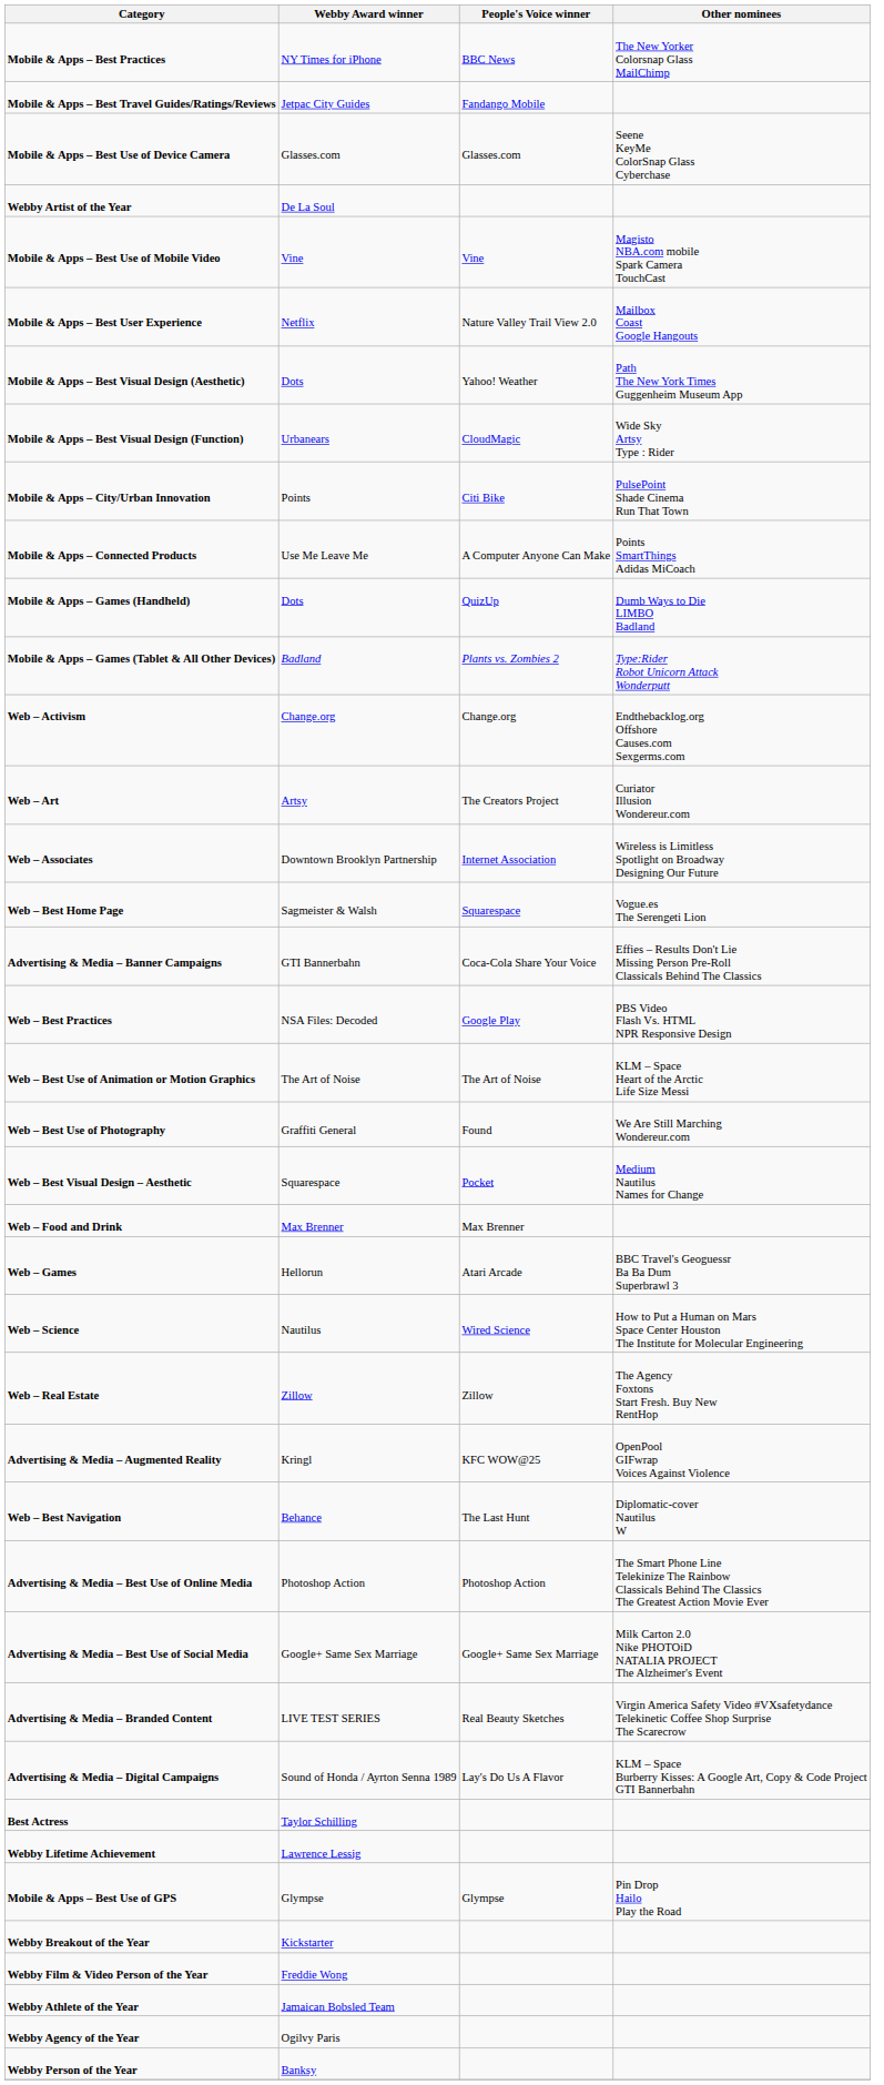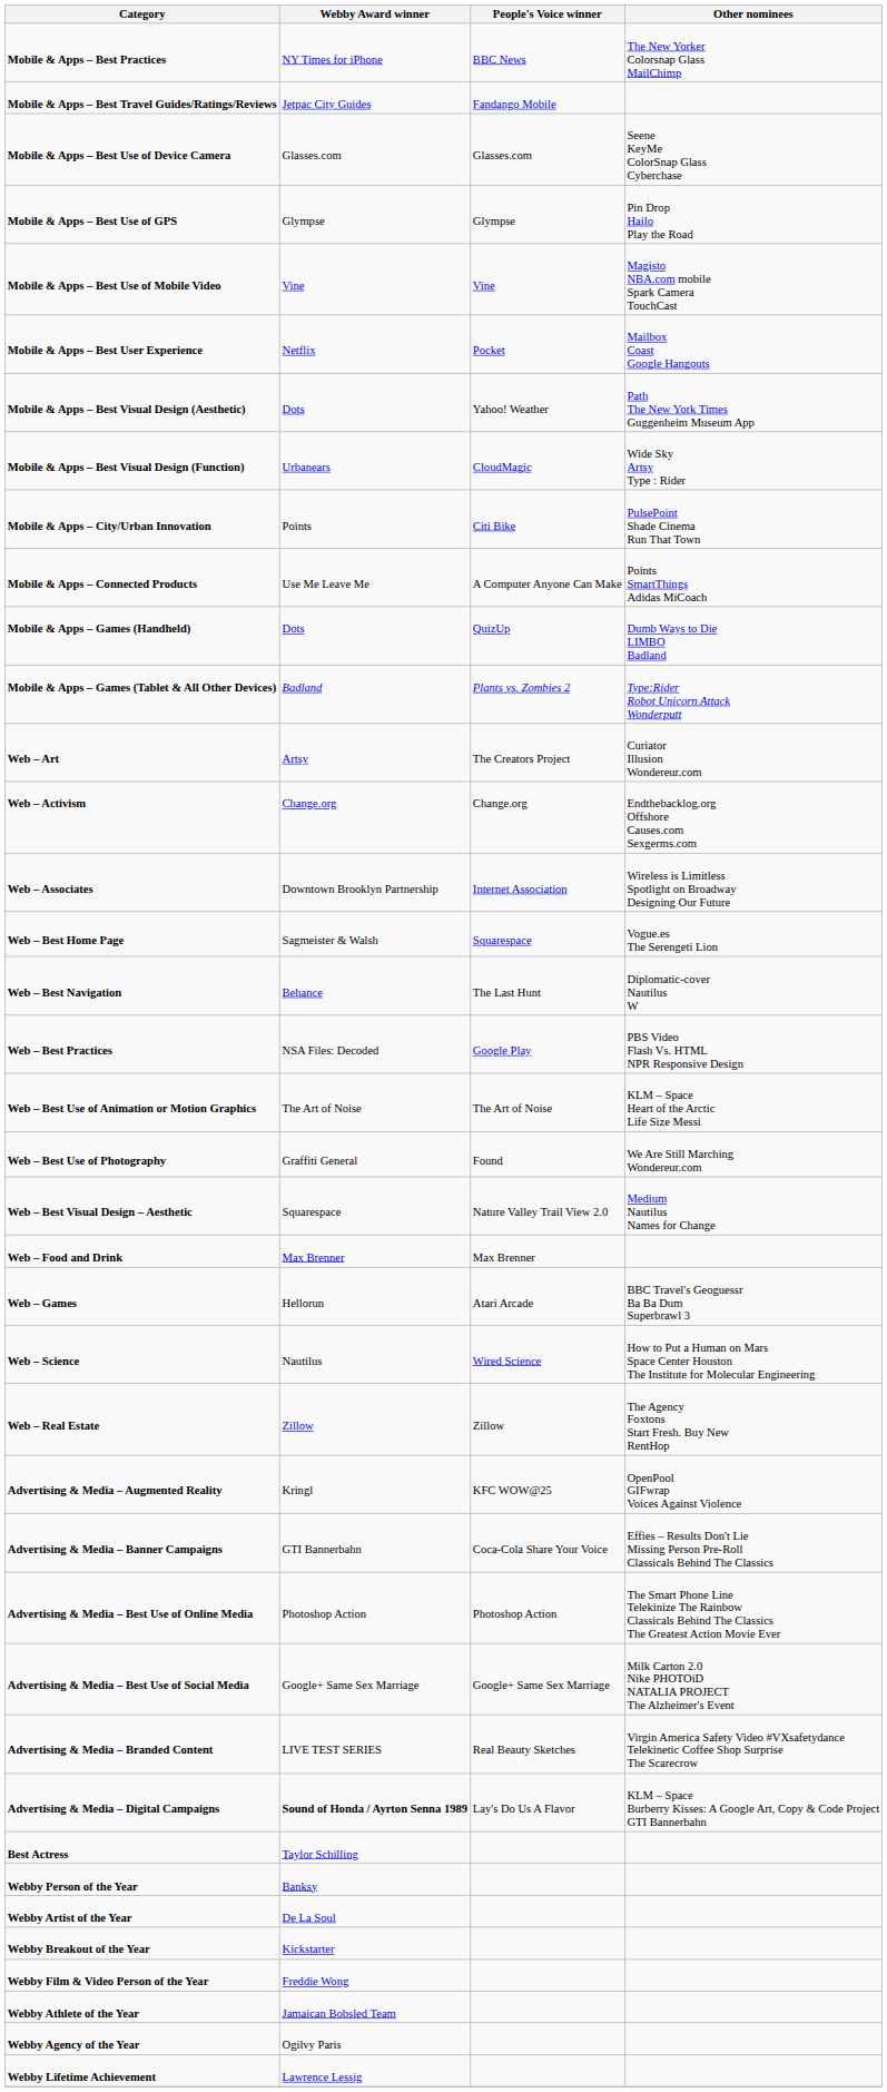 <table class="wikitable">
 <tr>
 <th>Category</th>
 <th>Webby Award winner</th>
 <th>People's Voice winner</th>
 <th>Other nominees</th>
 </tr>
 <tr>
 <td><br><strong>Mobile & Apps – Best Practices</strong></td>
 <td><br><a href='#'>NY Times for iPhone</a></td>
 <td><br><a href='#'>BBC News</a></td>
 <td><br><a href='#'>The New Yorker</a><br> Colorsnap Glass<br> <a href='#'>MailChimp</a></td>
 </tr>
 <tr>
 <td><br><strong>Mobile & Apps – Best Travel Guides/Ratings/Reviews</strong></td>
 <td><br><a href='#'>Jetpac City Guides</a></td>
 <td><br><a href='#'>Fandango Mobile</a></td>
 <td></td>
 </tr>
 <tr>
 <td><br><strong>Mobile & Apps – Best Use of Device Camera</strong></td>
 <td><br>Glasses.com</td>
 <td><br>Glasses.com</td>
 <td><br>Seene<br> KeyMe<br> ColorSnap Glass<br> Cyberchase</td>
 </tr>
 <tr>
-<td><br><strong>Webby Artist of the Year</strong></td>
-<td><br><a href='#'>De La Soul</a></td>
-<td></td>
-<td></td>
+<td><br><strong>Mobile & Apps – Best Use of GPS</strong></td>
+<td><br>Glympse</td>
+<td><br>Glympse</td>
+<td><br>Pin Drop<br> <a href='#'>Hailo</a><br> Play the Road</td>
 </tr>
 <tr>
 <td><br><strong>Mobile & Apps – Best Use of Mobile Video</strong></td>
 <td><br><a href='#'>Vine</a></td>
 <td><br><a href='#'>Vine</a></td>
 <td><br><a href='#'>Magisto</a><br> <a href='#'>NBA.com</a> mobile<br> Spark Camera<br> TouchCast</td>
 </tr>
 <tr>
 <td><br><strong>Mobile & Apps – Best User Experience</strong></td>
 <td><br><a href='#'>Netflix</a></td>
-<td><br>Nature Valley Trail View 2.0</td>
+<td><br><a href='#'>Pocket</a></td>
 <td><br><a href='#'>Mailbox</a><br> <a href='#'>Coast</a><br> <a href='#'>Google Hangouts</a></td>
 </tr>
 <tr>
 <td><br><strong>Mobile & Apps – Best Visual Design (Aesthetic)</strong></td>
 <td><br><a href='#'>Dots</a></td>
 <td><br>Yahoo! Weather</td>
 <td><br><a href='#'>Path</a><br> <a href='#'>The New York Times</a><br> Guggenheim Museum App</td>
 </tr>
 <tr>
 <td><br><strong>Mobile & Apps – Best Visual Design (Function)</strong></td>
 <td><br><a href='#'>Urbanears</a></td>
 <td><br><a href='#'>CloudMagic</a></td>
 <td><br>Wide Sky<br> <a href='#'>Artsy</a><br> Type : Rider</td>
 </tr>
 <tr>
 <td><br><strong>Mobile & Apps – City/Urban Innovation</strong></td>
 <td><br>Points</td>
 <td><br><a href='#'>Citi Bike</a></td>
 <td><br><a href='#'>PulsePoint</a><br> Shade Cinema<br> Run That Town</td>
 </tr>
 <tr>
 <td><br><strong>Mobile & Apps – Connected Products</strong></td>
 <td><br>Use Me Leave Me</td>
 <td><br>A Computer Anyone Can Make</td>
 <td><br>Points<br> <a href='#'>SmartThings</a><br> Adidas MiCoach</td>
 </tr>
 <tr valign="top">
 <td><br><strong>Mobile & Apps – Games (Handheld)</strong></td>
 <td><br><a href='#'>Dots</a></td>
 <td><br><a href='#'>QuizUp</a></td>
 <td><br><a href='#'>Dumb Ways to Die</a> <br> <a href='#'>LIMBO</a><br> <a href='#'>Badland</a></td>
 </tr>
 <tr valign="top">
 <td><br><strong>Mobile & Apps – Games (Tablet & All Other Devices)</strong></td>
 <td><br><a href='#'><em>Badland</em></a></td>
 <td><br><a href='#'><em>Plants vs. Zombies 2</em></a></td>
 <td><br><em><a href='#'>Type:Rider</a></em><br> <em><a href='#'>Robot Unicorn Attack</a></em><br> <em><a href='#'>Wonderputt</a></em></td>
 </tr>
+<tr>
+<td><br><strong>Web – Art</strong></td>
+<td><br><a href='#'>Artsy</a></td>
+<td><br>The Creators Project</td>
+<td><br>Curiator<br> Illusion<br> Wondereur.com</td>
+</tr>
 <tr valign="top">
 <td><br><strong>Web – Activism</strong></td>
 <td><br><a href='#'>Change.org</a></td>
 <td><br>Change.org</td>
 <td><br>Endthebacklog.org<br> Offshore<br> Causes.com<br> Sexgerms.com</td>
-</tr>
-<tr>
-<td><br><strong>Web – Art</strong></td>
-<td><br><a href='#'>Artsy</a></td>
-<td><br>The Creators Project</td>
-<td><br>Curiator<br> Illusion<br> Wondereur.com</td>
 </tr>
 <tr>
 <td><br><strong>Web – Associates</strong></td>
 <td><br>Downtown Brooklyn Partnership</td>
 <td><br><a href='#'>Internet Association</a></td>
 <td><br>Wireless is Limitless<br> Spotlight on Broadway<br> Designing Our Future</td>
 </tr>
 <tr>
 <td><br><strong>Web – Best Home Page</strong></td>
 <td><br>Sagmeister & Walsh</td>
 <td><br><a href='#'>Squarespace</a></td>
 <td><br>Vogue.es<br> The Serengeti Lion</td>
 </tr>
 <tr>
-<td><br><strong>Advertising & Media – Banner Campaigns</strong></td>
-<td><br>GTI Bannerbahn</td>
-<td><br>Coca-Cola Share Your Voice</td>
-<td><br>Effies – Results Don't Lie<br> Missing Person Pre-Roll<br> Classicals Behind The Classics</td>
+<td><br><strong>Web – Best Navigation</strong></td>
+<td><br><a href='#'>Behance</a></td>
+<td><br>The Last Hunt</td>
+<td><br>Diplomatic-cover<br> Nautilus<br> W</td>
 </tr>
 <tr>
 <td><br><strong>Web – Best Practices</strong></td>
 <td><br>NSA Files: Decoded</td>
 <td><br><a href='#'>Google Play</a></td>
 <td><br>PBS Video<br> Flash Vs. HTML<br> NPR Responsive Design</td>
 </tr>
 <tr>
 <td><br><strong>Web – Best Use of Animation or Motion Graphics</strong></td>
 <td><br>The Art of Noise</td>
 <td><br>The Art of Noise</td>
 <td><br>KLM – Space<br> Heart of the Arctic<br> Life Size Messi</td>
 </tr>
 <tr>
 <td><br><strong>Web – Best Use of Photography</strong></td>
 <td><br>Graffiti General</td>
 <td><br>Found</td>
 <td><br>We Are Still Marching<br> Wondereur.com</td>
 </tr>
 <tr>
 <td><br><strong>Web – Best Visual Design – Aesthetic</strong></td>
 <td><br>Squarespace</td>
-<td><br><a href='#'>Pocket</a></td>
+<td><br>Nature Valley Trail View 2.0</td>
 <td><br><a href='#'>Medium</a><br> Nautilus<br> Names for Change</td>
 </tr>
 <tr>
 <td><br><strong>Web – Food and Drink</strong></td>
 <td><br><a href='#'>Max Brenner</a></td>
 <td><br>Max Brenner</td>
 <td></td>
 </tr>
 <tr>
 <td><br><strong>Web – Games</strong></td>
 <td><br>Hellorun</td>
 <td><br>Atari Arcade</td>
 <td><br>BBC Travel's Geoguessr<br> Ba Ba Dum<br> Superbrawl 3</td>
 </tr>
 <tr>
 <td><br><strong>Web – Science</strong></td>
 <td><br>Nautilus</td>
 <td><br><a href='#'>Wired Science</a></td>
 <td><br>How to Put a Human on Mars<br> Space Center Houston<br> The Institute for Molecular Engineering</td>
 </tr>
 <tr>
 <td><br><strong>Web – Real Estate</strong></td>
 <td><br><a href='#'>Zillow</a></td>
 <td><br>Zillow</td>
 <td><br>The Agency<br> Foxtons<br> Start Fresh. Buy New<br> RentHop</td>
 </tr>
 <tr>
 <td><br><strong>Advertising & Media – Augmented Reality</strong></td>
 <td><br>Kringl</td>
 <td><br>KFC WOW@25</td>
 <td><br>OpenPool<br> GIFwrap<br> Voices Against Violence</td>
 </tr>
 <tr>
-<td><br><strong>Web – Best Navigation</strong></td>
-<td><br><a href='#'>Behance</a></td>
-<td><br>The Last Hunt</td>
-<td><br>Diplomatic-cover<br> Nautilus<br> W</td>
+<td><br><strong>Advertising & Media – Banner Campaigns</strong></td>
+<td><br>GTI Bannerbahn</td>
+<td><br>Coca-Cola Share Your Voice</td>
+<td><br>Effies – Results Don't Lie<br> Missing Person Pre-Roll<br> Classicals Behind The Classics</td>
 </tr>
 <tr>
 <td><br><strong>Advertising & Media – Best Use of Online Media</strong></td>
 <td><br>Photoshop Action</td>
 <td><br>Photoshop Action</td>
 <td><br>The Smart Phone Line<br> Telekinize The Rainbow<br> Classicals Behind The Classics<br> The Greatest Action Movie Ever</td>
 </tr>
 <tr>
 <td><br><strong>Advertising & Media – Best Use of Social Media</strong></td>
 <td><br>Google+ Same Sex Marriage</td>
 <td><br>Google+ Same Sex Marriage</td>
 <td><br>Milk Carton 2.0<br> Nike PHOTOiD<br> NATALIA PROJECT<br> The Alzheimer's Event</td>
 </tr>
 <tr>
 <td><br><strong>Advertising & Media – Branded Content</strong></td>
 <td><br>LIVE TEST SERIES</td>
 <td><br>Real Beauty Sketches</td>
 <td><br>Virgin America Safety Video #VXsafetydance<br> Telekinetic Coffee Shop Surprise<br> The Scarecrow</td>
 </tr>
 <tr>
 <td><br><strong>Advertising & Media – Digital Campaigns</strong></td>
-<td><br>Sound of Honda / Ayrton Senna 1989</td>
+<td><strong><br>Sound of Honda / Ayrton Senna 1989</strong></td>
 <td><br>Lay's Do Us A Flavor</td>
 <td><br>KLM – Space<br> Burberry Kisses: A Google Art, Copy & Code Project<br> GTI Bannerbahn</td>
 </tr>
 <tr>
 <td><br><strong>Best Actress</strong></td>
 <td><br><a href='#'>Taylor Schilling</a></td>
 <td></td>
 <td></td>
 </tr>
 <tr>
-<td><br><strong>Webby Lifetime Achievement</strong></td>
-<td><br><a href='#'>Lawrence Lessig</a></td>
+<td><br><strong>Webby Person of the Year</strong></td>
+<td><br><a href='#'>Banksy</a></td>
 <td></td>
 <td></td>
 </tr>
 <tr>
-<td><br><strong>Mobile & Apps – Best Use of GPS</strong></td>
-<td><br>Glympse</td>
-<td><br>Glympse</td>
-<td><br>Pin Drop<br> <a href='#'>Hailo</a><br> Play the Road</td>
+<td><br><strong>Webby Artist of the Year</strong></td>
+<td><br><a href='#'>De La Soul</a></td>
+<td></td>
+<td></td>
 </tr>
 <tr>
 <td><br><strong>Webby Breakout of the Year</strong></td>
 <td><br><a href='#'>Kickstarter</a></td>
 <td></td>
 <td></td>
 </tr>
 <tr>
 <td><br><strong>Webby Film & Video Person of the Year</strong></td>
 <td><br><a href='#'>Freddie Wong</a></td>
 <td></td>
 <td></td>
 </tr>
 <tr>
 <td><br><strong>Webby Athlete of the Year</strong></td>
 <td><br><a href='#'>Jamaican Bobsled Team</a></td>
 <td></td>
 <td></td>
 </tr>
 <tr>
 <td><br><strong>Webby Agency of the Year</strong></td>
 <td><br>Ogilvy Paris</td>
 <td></td>
 <td></td>
 </tr>
 <tr>
-<td><br><strong>Webby Person of the Year</strong></td>
-<td><br><a href='#'>Banksy</a></td>
+<td><br><strong>Webby Lifetime Achievement</strong></td>
+<td><br><a href='#'>Lawrence Lessig</a></td>
 <td></td>
 <td></td>
 </tr>
 <tr>
 </tr>
 </table>
